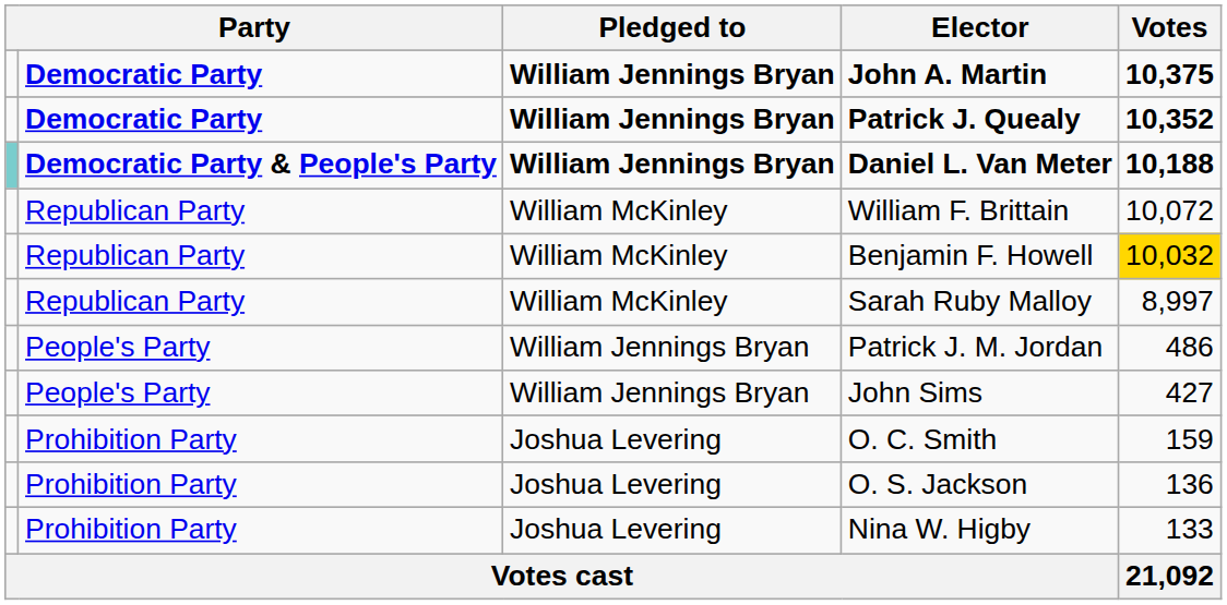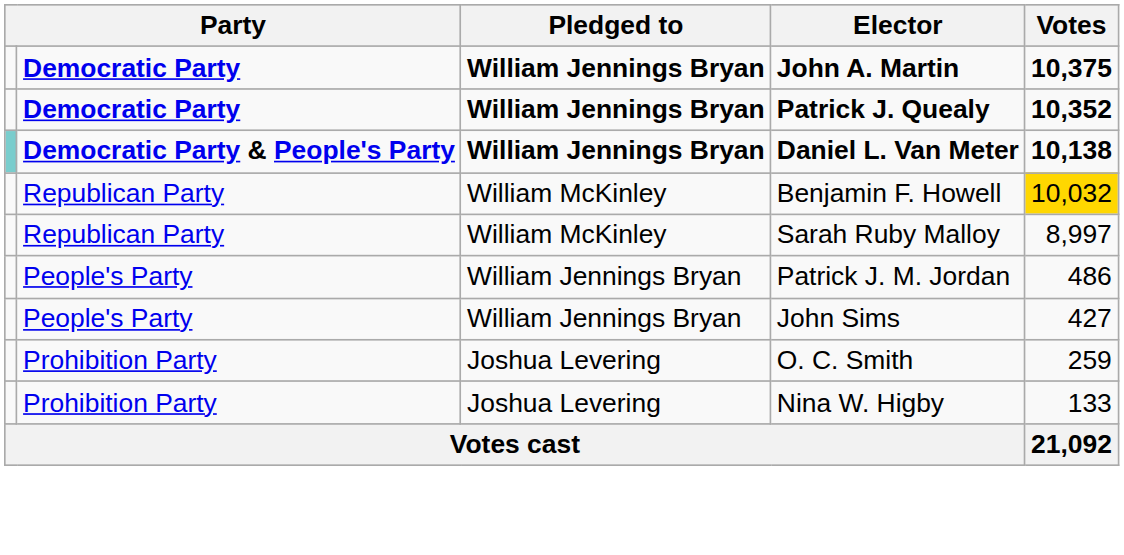 <table class="wikitable">
 <tr>
 <th colspan=2>Party</th>
 <th>Pledged to</th>
 <th>Elector</th>
 <th>Votes</th>
 </tr>
 <tr style="font-weight:bold">
 <td></td>
 <td><a href='#'>Democratic Party</a></td>
 <td>William Jennings Bryan</td>
 <td>John A. Martin</td>
 <td align="right">10,375</td>
 </tr>
 <tr style="font-weight:bold">
 <td></td>
 <td><a href='#'>Democratic Party</a></td>
 <td>William Jennings Bryan</td>
 <td>Patrick J. Quealy</td>
 <td align="right">10,352</td>
 </tr>
 <tr style="font-weight:bold">
 <td bgcolor=#79CDCD></td>
 <td><a href='#'>Democratic Party</a> & <a href='#'>People's Party</a></td>
 <td>William Jennings Bryan</td>
 <td>Daniel L. Van Meter</td>
-<td align="right">10,188</td>
-</tr>
-<tr>
-<td></td>
-<td><a href='#'>Republican Party</a></td>
-<td>William McKinley</td>
-<td>William F. Brittain</td>
-<td align="right">10,072</td>
+<td align="right">10,138</td>
 </tr>
 <tr>
 <td></td>
 <td><a href='#'>Republican Party</a></td>
 <td>William McKinley</td>
 <td>Benjamin F. Howell</td>
 <td align="right" style="background: gold;">10,032</td>
 </tr>
 <tr>
 <td></td>
 <td><a href='#'>Republican Party</a></td>
 <td>William McKinley</td>
 <td>Sarah Ruby Malloy</td>
 <td align="right">8,997</td>
 </tr>
 <tr>
 <td></td>
 <td><a href='#'>People's Party</a></td>
 <td>William Jennings Bryan</td>
 <td>Patrick J. M. Jordan</td>
 <td align="right">486</td>
 </tr>
 <tr>
 <td></td>
 <td><a href='#'>People's Party</a></td>
 <td>William Jennings Bryan</td>
 <td>John Sims</td>
 <td align="right">427</td>
 </tr>
 <tr>
 <td></td>
 <td><a href='#'>Prohibition Party</a></td>
 <td>Joshua Levering</td>
 <td>O. C. Smith</td>
-<td align="right">159</td>
-</tr>
-<tr>
-<td></td>
-<td><a href='#'>Prohibition Party</a></td>
-<td>Joshua Levering</td>
-<td>O. S. Jackson</td>
-<td align="right">136</td>
+<td align="right">259</td>
 </tr>
 <tr>
 <td></td>
 <td><a href='#'>Prohibition Party</a></td>
 <td>Joshua Levering</td>
 <td>Nina W. Higby</td>
 <td align="right">133</td>
 </tr>
 <tr>
 <th colspan="4">Votes cast</th>
 <th>21,092</th>
 </tr>
 </table>
